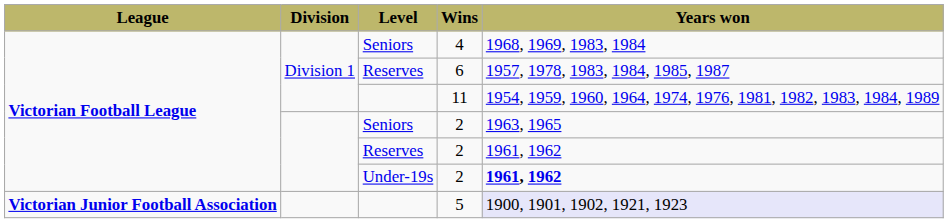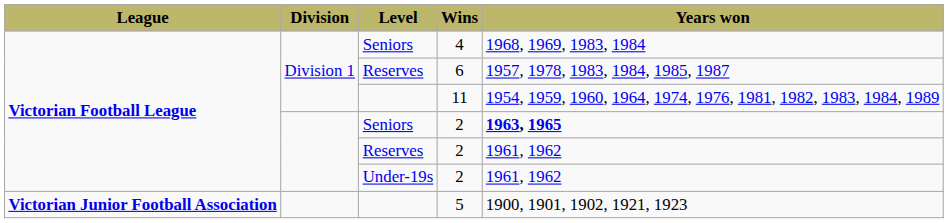 <table class="wikitable">
 <tr style="background:#bdb76b;">
 <th style="background:#bdb76b;" align="center">League</th>
 <th style="background:#bdb76b;" align="center">Division</th>
 <th style="background:#bdb76b;" align="center">Level</th>
 <th style="background:#bdb76b;" align="center">Wins</th>
 <th style="background:#bdb76b;" align="center">Years won</th>
 </tr>
 <tr>
 <td rowspan="6"><strong><a href='#'>Victorian Football League</a></strong></td>
 <td rowspan="3"><a href='#'>Division 1</a></td>
 <td><a href='#'>Seniors</a></td>
 <td align="center">4</td>
 <td><a href='#'>1968</a>, <a href='#'>1969</a>, <a href='#'>1983</a>, <a href='#'>1984</a></td>
 </tr>
 <tr>
 <td><a href='#'>Reserves</a></td>
 <td align="center">6</td>
 <td><a href='#'>1957</a>, <a href='#'>1978</a>, <a href='#'>1983</a>, <a href='#'>1984</a>, <a href='#'>1985</a>, <a href='#'>1987</a></td>
 </tr>
 <tr>
 <td></td>
 <td align="center">11</td>
 <td><a href='#'>1954</a>, <a href='#'>1959</a>, <a href='#'>1960</a>, <a href='#'>1964</a>, <a href='#'>1974</a>, <a href='#'>1976</a>, <a href='#'>1981</a>, <a href='#'>1982</a>, <a href='#'>1983</a>, <a href='#'>1984</a>, <a href='#'>1989</a></td>
 </tr>
 <tr>
 <td rowspan="3"></td>
 <td><a href='#'>Seniors</a></td>
 <td align="center">2</td>
-<td><a href='#'>1963</a>, <a href='#'>1965</a></td>
+<td><strong><a href='#'>1963</a>, <a href='#'>1965</a></strong></td>
 </tr>
 <tr>
 <td><a href='#'>Reserves</a></td>
 <td align="center">2</td>
 <td><a href='#'>1961</a>, <a href='#'>1962</a></td>
 </tr>
 <tr>
 <td><a href='#'>Under-19s</a></td>
 <td align="center">2</td>
-<td><strong><a href='#'>1961</a>, <a href='#'>1962</a></strong></td>
+<td><a href='#'>1961</a>, <a href='#'>1962</a></td>
 </tr>
 <tr>
 <td rowspan="6"><strong><a href='#'>Victorian Junior Football Association</a></strong></td>
 <td rowspan="3"></td>
 <td></td>
 <td align="center">5</td>
-<td style="background: lavender;">1900, 1901, 1902, 1921, 1923</td>
+<td>1900, 1901, 1902, 1921, 1923</td>
 </tr>
 </table>
